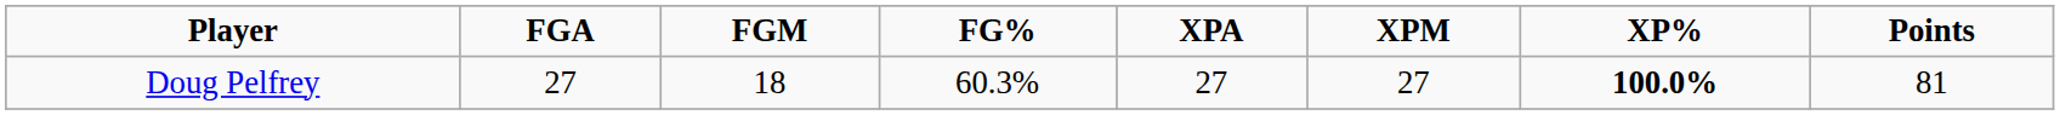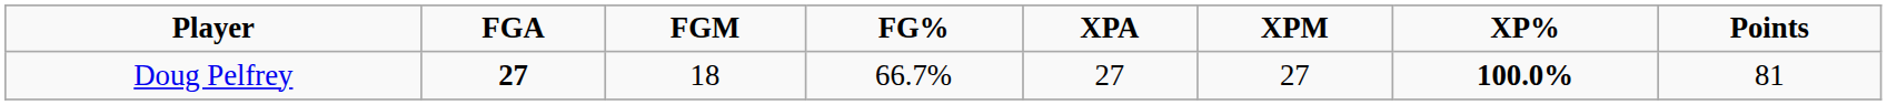 <table class="wikitable" width="80%">
 <tr align="center">
 <td><strong>Player</strong></td>
 <td><strong>FGA</strong></td>
 <td><strong>FGM</strong></td>
 <td><strong>FG%</strong></td>
 <td><strong>XPA</strong></td>
 <td><strong>XPM</strong></td>
 <td><strong>XP%</strong></td>
 <td><strong>Points</strong></td>
 </tr>
 <tr align="center" bgcolor="">
 <td><a href='#'>Doug Pelfrey</a></td>
-<td>27</td>
+<td><strong>27</strong></td>
 <td>18</td>
-<td>60.3%</td>
+<td>66.7%</td>
 <td>27</td>
 <td>27</td>
 <td><strong>100.0%</strong></td>
 <td>81</td>
 </tr>
 </table>
